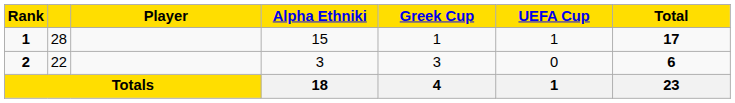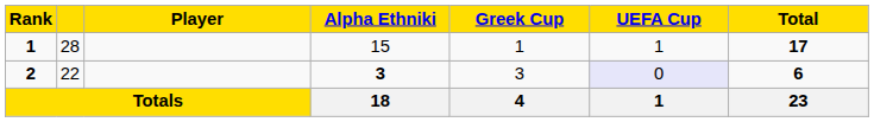 <table class="wikitable sortable" style="text-align:center">
 <tr>
 <th style="background:#FFDE00">Rank</th>
 <th style="background:#FFDE00"></th>
 <th width=200 style="background:#FFDE00">Player</th>
 <th width=120 style="background:#FFDE00"><a href='#'>Alpha Ethniki</a></th>
 <th width=120 style="background:#FFDE00"><a href='#'>Greek Cup</a></th>
 <th width=120 style="background:#FFDE00"><a href='#'>UEFA Cup</a></th>
 <th width=120 style="background:#FFDE00">Total</th>
 </tr>
 <tr>
 <td><strong>1</strong></td>
 <td>28</td>
 <td align=left></td>
 <td>15</td>
 <td>1</td>
 <td>1</td>
 <td><strong>17</strong></td>
 </tr>
 <tr>
 <td><strong>2</strong></td>
 <td>22</td>
 <td align=left></td>
+<td><strong>3</strong></td>
 <td>3</td>
-<td>3</td>
-<td>0</td>
+<td style="background: lavender;">0</td>
 <td><strong>6</strong></td>
 </tr>
 <tr class="sortbottom">
 <th colspan=3 style="background:#FFDE00"><strong>Totals</strong></th>
 <th><strong>18</strong></th>
 <th><strong> 4</strong></th>
 <th><strong> 1</strong></th>
 <th><strong>23</strong></th>
 </tr>
 </table>
